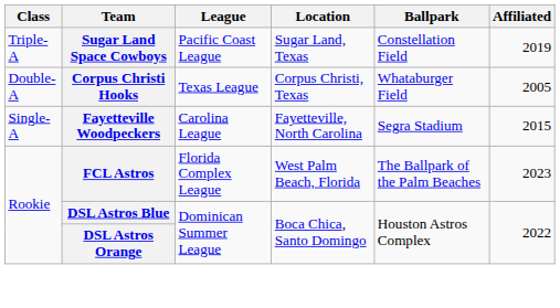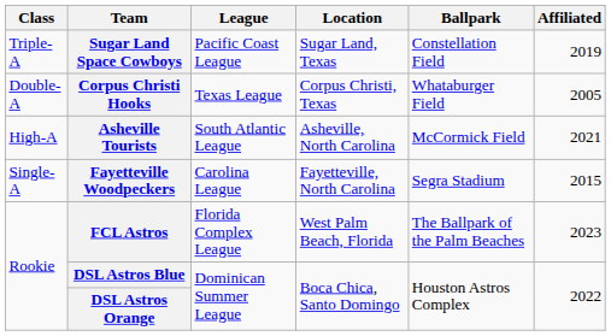 <table class="wikitable plainrowheaders sortable">
 <tr>
 <th scope="col">Class</th>
 <th scope="col">Team</th>
 <th scope="col">League</th>
 <th scope="col">Location</th>
 <th scope="col">Ballpark</th>
 <th scope="col">Affiliated</th>
 </tr>
 <tr>
 <td><a href='#'>Triple-A</a></td>
 <th scope="row"><a href='#'>Sugar Land Space Cowboys</a></th>
 <td><a href='#'>Pacific Coast League</a></td>
 <td><a href='#'>Sugar Land, Texas</a></td>
 <td><a href='#'>Constellation Field</a></td>
 <td align="right">2019</td>
 </tr>
 <tr>
 <td><a href='#'>Double-A</a></td>
 <th scope="row"><a href='#'>Corpus Christi Hooks</a></th>
 <td><a href='#'>Texas League</a></td>
 <td><a href='#'>Corpus Christi, Texas</a></td>
 <td><a href='#'>Whataburger Field</a></td>
 <td align="right">2005</td>
+</tr>
+<tr>
+<td><a href='#'>High-A</a></td>
+<th scope="row"><a href='#'>Asheville Tourists</a></th>
+<td><a href='#'>South Atlantic League</a></td>
+<td><a href='#'>Asheville, North Carolina</a></td>
+<td><a href='#'>McCormick Field</a></td>
+<td align="right">2021</td>
 </tr>
 <tr>
 <td><a href='#'>Single-A</a></td>
 <th scope="row"><a href='#'>Fayetteville Woodpeckers</a></th>
 <td><a href='#'>Carolina League</a></td>
 <td><a href='#'>Fayetteville, North Carolina</a></td>
 <td><a href='#'>Segra Stadium</a></td>
 <td align="right">2015</td>
 </tr>
 <tr>
 <td rowspan=3><a href='#'>Rookie</a></td>
 <th scope="row"><a href='#'>FCL Astros</a></th>
 <td><a href='#'>Florida Complex League</a></td>
 <td><a href='#'>West Palm Beach, Florida</a></td>
 <td><a href='#'>The Ballpark of the Palm Beaches</a></td>
 <td align="right">2023</td>
 </tr>
 <tr>
 <th scope="row"><a href='#'>DSL Astros Blue</a></th>
 <td rowspan=2><a href='#'>Dominican Summer League</a></td>
 <td rowspan=2><a href='#'>Boca Chica</a>, <a href='#'>Santo Domingo</a></td>
 <td rowspan=2>Houston Astros Complex</td>
 <td rowspan=2 align="right">2022</td>
 </tr>
 <tr>
 <th scope="row"><a href='#'>DSL Astros Orange</a></th>
 </tr>
 </table>
